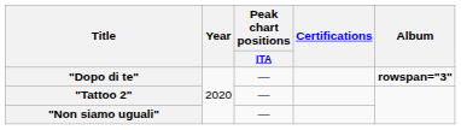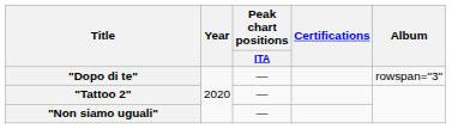 <table class="wikitable plainrowheaders" style="text-align:center;">
 <tr>
 <th rowspan="2" scope="col" style="width:16em;">Title</th>
 <th rowspan="2" scope="col" style="width:1em;">Year</th>
 <th scope="col">Peak chart positions</th>
 <th rowspan="2" scope="col"><a href='#'>Certifications</a></th>
 <th rowspan="2">Album</th>
 </tr>
 <tr>
 <th scope="col" style="width:3em;font-size:85%;"><a href='#'>ITA</a><br></th>
 </tr>
 <tr>
 <th scope="row" nowrap="">"Dopo di te"<br></th>
 <td rowspan="3">2020</td>
 <td>—</td>
 <td></td>
-<td><strong>rowspan="3" </strong></td>
+<td>rowspan="3" </td>
 </tr>
 <tr>
 <th scope="row" nowrap="">"Tattoo 2"<br></th>
 <td>—</td>
 <td></td>
 </tr>
 <tr>
 <th scope="row" nowrap="">"Non siamo uguali"<br></th>
 <td>—</td>
 <td></td>
 </tr>
 </table>
